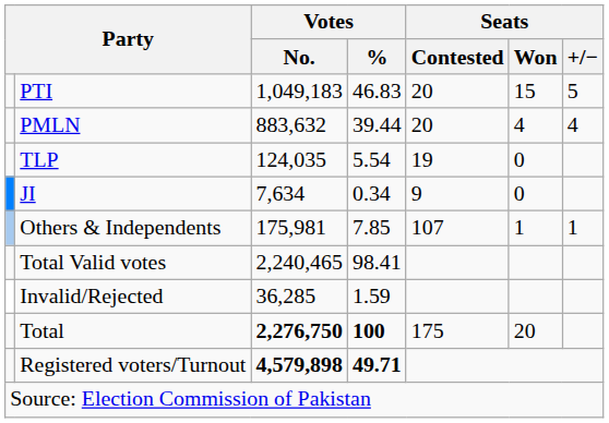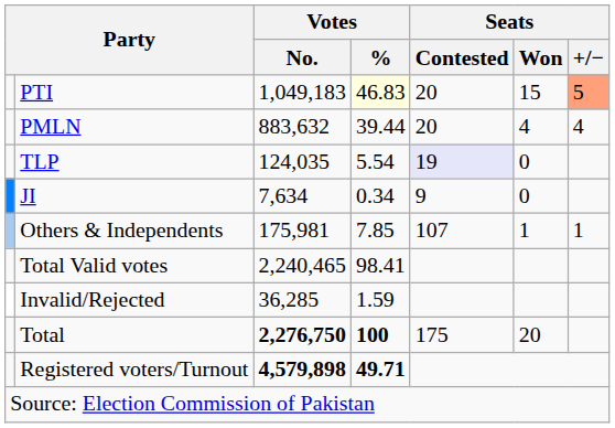 <table class="wikitable sortable">
 <tr>
 <th colspan="2" rowspan="2">Party</th>
 <th colspan="2">Votes</th>
 <th colspan="3">Seats</th>
 </tr>
 <tr>
 <th>No.</th>
 <th>%</th>
 <th>Contested</th>
 <th>Won</th>
 <th><strong>+/−</strong></th>
 </tr>
 <tr>
 <td></td>
 <td><a href='#'>PTI</a></td>
 <td>1,049,183</td>
-<td>46.83</td>
+<td style="background: lightyellow;">46.83</td>
 <td>20</td>
 <td>15</td>
-<td>5</td>
+<td style="background: lightsalmon;">5</td>
 </tr>
 <tr>
 <td></td>
 <td><a href='#'>PMLN</a></td>
 <td>883,632</td>
 <td>39.44</td>
 <td>20</td>
 <td>4</td>
 <td>4</td>
 </tr>
 <tr>
 <td></td>
 <td><a href='#'>TLP</a></td>
 <td>124,035</td>
 <td>5.54</td>
-<td>19</td>
+<td style="background: lavender;">19</td>
 <td>0</td>
 <td></td>
 </tr>
 <tr>
 <td bgcolor="#0080ff"></td>
 <td><a href='#'>JI</a></td>
 <td>7,634</td>
 <td>0.34</td>
 <td>9</td>
 <td>0</td>
 <td></td>
 </tr>
 <tr>
 <td bgcolor="#a6caf0"></td>
 <td>Others & Independents</td>
 <td>175,981</td>
 <td>7.85</td>
 <td>107</td>
 <td>1</td>
 <td>1</td>
 </tr>
 <tr>
 <td></td>
 <td>Total Valid votes</td>
 <td>2,240,465</td>
 <td>98.41</td>
 <td></td>
 <td></td>
 <td></td>
 </tr>
 <tr>
 <td bgcolor="white"></td>
 <td>Invalid/Rejected</td>
 <td>36,285</td>
 <td>1.59</td>
 <td></td>
 <td></td>
 <td></td>
 </tr>
 <tr class="sortbottom">
 <td></td>
 <td>Total</td>
 <td><strong>2,276,750</strong></td>
 <td><strong>100</strong></td>
 <td>175</td>
 <td>20</td>
 <td></td>
 </tr>
 <tr>
 <td></td>
 <td>Registered voters/Turnout</td>
 <td><strong>4,579,898</strong></td>
 <td><strong>49.71</strong></td>
 <td colspan="3"></td>
 </tr>
 <tr class="sortbottom">
 <td colspan="7">Source: <a href='#'>Election Commission of Pakistan</a></td>
 </tr>
 </table>
